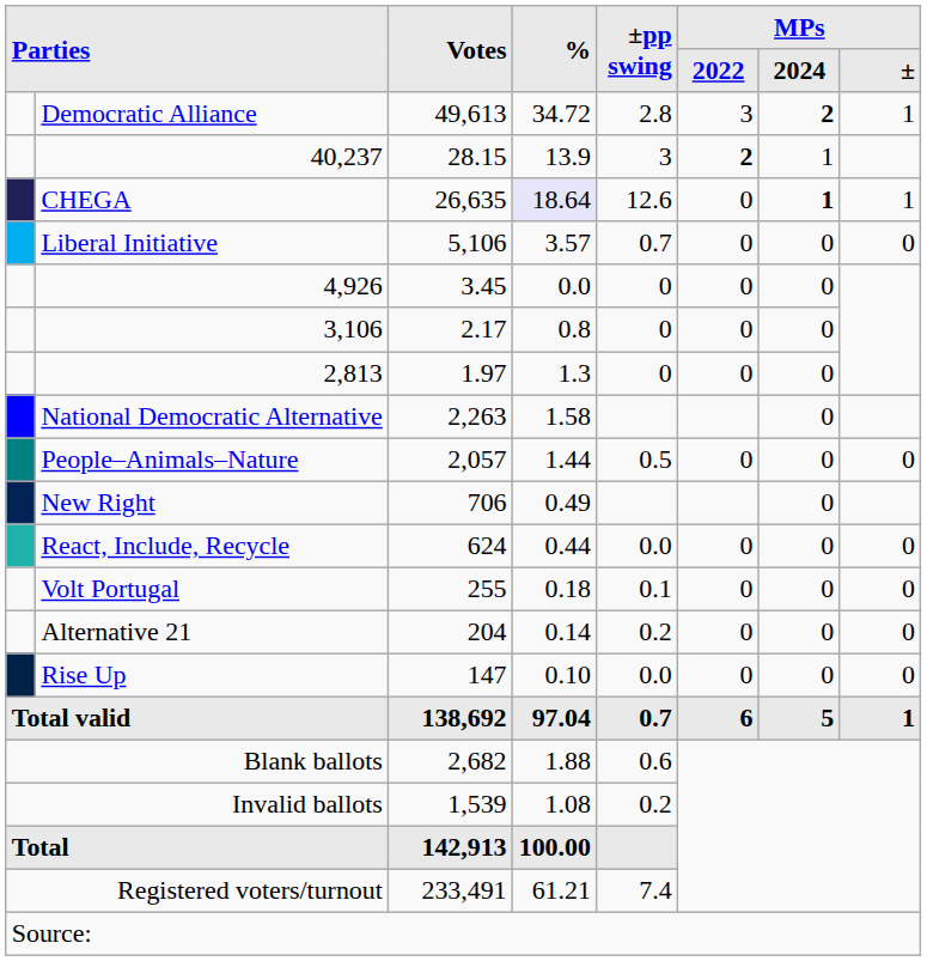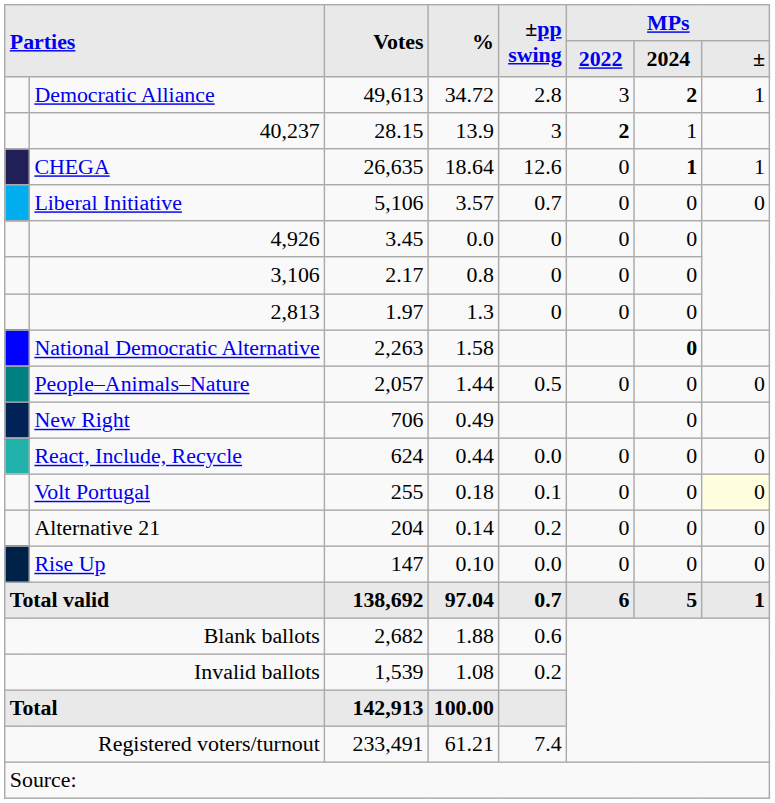 <table class="wikitable" style="text-align:right; font-size:95%;">
 <tr>
 <th rowspan="2" colspan="2" style="background:#e9e9e9; text-align:left;" alignleft><a href='#'>Parties</a></th>
 <th rowspan="2" style="background:#e9e9e9; text-align:right;">Votes</th>
 <th rowspan="2" style="background:#e9e9e9; text-align:right;">%</th>
 <th rowspan="2" style="background:#e9e9e9; text-align:right;">±<a href='#'>pp</a> <a href='#'>swing</a></th>
 <th colspan="3" style="background:#e9e9e9; text-align:center;"><a href='#'>MPs</a></th>
 </tr>
 <tr style="background-color:#E9E9E9">
 <th style="background-color:#E9E9E9;text-align:center;"><a href='#'>2022</a></th>
 <th style="background-color:#E9E9E9;text-align:center;">2024</th>
 <th style="background:#e9e9e9; text-align:right;">±</th>
 </tr>
 <tr>
 <td style="width: 10px"></td>
 <td align="left"><a href='#'>Democratic Alliance</a> </td>
 <td>49,613</td>
 <td>34.72</td>
 <td>2.8</td>
 <td>3</td>
 <td><strong>2</strong></td>
 <td>1</td>
 </tr>
 <tr>
 <td></td>
 <td>40,237</td>
 <td>28.15</td>
 <td>13.9</td>
 <td>3</td>
 <td><strong>2</strong></td>
 <td>1</td>
 </tr>
 <tr>
 <td style="width: 10px" bgcolor="#202056" align="center"></td>
 <td align="left"><a href='#'>CHEGA</a></td>
 <td>26,635</td>
-<td style="background: lavender;">18.64</td>
+<td>18.64</td>
 <td>12.6</td>
 <td>0</td>
 <td><strong>1</strong></td>
 <td>1</td>
 </tr>
 <tr>
 <td style="width: 10px" bgcolor="#00ADEF" align="center"></td>
 <td align="left"><a href='#'>Liberal Initiative</a></td>
 <td>5,106</td>
 <td>3.57</td>
 <td>0.7</td>
 <td>0</td>
 <td>0</td>
 <td>0</td>
 </tr>
 <tr>
 <td></td>
 <td>4,926</td>
 <td>3.45</td>
 <td>0.0</td>
 <td>0</td>
 <td>0</td>
 <td>0</td>
 </tr>
 <tr>
 <td></td>
 <td>3,106</td>
 <td>2.17</td>
 <td>0.8</td>
 <td>0</td>
 <td>0</td>
 <td>0</td>
 </tr>
 <tr>
 <td></td>
 <td>2,813</td>
 <td>1.97</td>
 <td>1.3</td>
 <td>0</td>
 <td>0</td>
 <td>0</td>
 </tr>
 <tr>
 <td style="width: 10px" bgcolor="blue" align="center"></td>
 <td align="left"><a href='#'>National Democratic Alternative</a></td>
 <td>2,263</td>
 <td>1.58</td>
 <td></td>
 <td></td>
-<td>0</td>
+<td><strong>0</strong></td>
 <td></td>
 </tr>
 <tr>
 <td style="width: 10px" bgcolor="teal" align="center"></td>
 <td align="left"><a href='#'>People–Animals–Nature</a></td>
 <td>2,057</td>
 <td>1.44</td>
 <td>0.5</td>
 <td>0</td>
 <td>0</td>
 <td>0</td>
 </tr>
 <tr>
 <td style="width: 10px" bgcolor="#012257" align="center"></td>
 <td align="left"><a href='#'>New Right</a></td>
 <td>706</td>
 <td>0.49</td>
 <td></td>
 <td></td>
 <td>0</td>
 <td></td>
 </tr>
 <tr>
 <td style="width: 10px" bgcolor="LightSeaGreen" align="center"></td>
 <td align="left"><a href='#'>React, Include, Recycle</a></td>
 <td>624</td>
 <td>0.44</td>
 <td>0.0</td>
 <td>0</td>
 <td>0</td>
 <td>0</td>
 </tr>
 <tr>
 <td style="width: 10px"></td>
 <td align="left"><a href='#'>Volt Portugal</a></td>
 <td>255</td>
 <td>0.18</td>
 <td>0.1</td>
 <td>0</td>
 <td>0</td>
-<td>0</td>
+<td style="background: lightyellow;">0</td>
 </tr>
 <tr>
 <td style="width: 10px"></td>
 <td align="left">Alternative 21 </td>
 <td>204</td>
 <td>0.14</td>
 <td>0.2</td>
 <td>0</td>
 <td>0</td>
 <td>0</td>
 </tr>
 <tr>
 <td style="width: 10px" bgcolor="#002147" align="center"></td>
 <td align="left"><a href='#'>Rise Up</a></td>
 <td>147</td>
 <td>0.10</td>
 <td>0.0</td>
 <td>0</td>
 <td>0</td>
 <td>0</td>
 </tr>
 <tr>
 <td colspan=2 align=left style="background-color:#E9E9E9"><strong>Total valid</strong></td>
 <td width="65" align="right" style="background-color:#E9E9E9"><strong>138,692</strong></td>
 <td width="40" align="right" style="background-color:#E9E9E9"><strong>97.04</strong></td>
 <td width="40" align="right" style="background-color:#E9E9E9"><strong>0.7</strong></td>
 <td width="40" align="right" style="background-color:#E9E9E9"><strong>6</strong></td>
 <td width="40" align="right" style="background-color:#E9E9E9"><strong>5</strong></td>
 <td width="40" align="right" style="background-color:#E9E9E9"><strong>1</strong></td>
 </tr>
 <tr>
 <td colspan=2>Blank ballots</td>
 <td>2,682</td>
 <td>1.88</td>
 <td>0.6</td>
 <td colspan="3" rowspan="4"></td>
 </tr>
 <tr>
 <td colspan=2>Invalid ballots</td>
 <td>1,539</td>
 <td>1.08</td>
 <td>0.2</td>
 </tr>
 <tr>
 <td colspan=2 align=left style="background-color:#E9E9E9"><strong>Total</strong></td>
 <td width="50" align="right" style="background-color:#E9E9E9"><strong>142,913</strong></td>
 <td width="40" align="right" style="background-color:#E9E9E9"><strong>100.00</strong></td>
 <td width="40" align="right" style="background-color:#E9E9E9"></td>
 </tr>
 <tr>
 <td colspan=2>Registered voters/turnout</td>
 <td>233,491</td>
 <td>61.21</td>
 <td>7.4</td>
 </tr>
 <tr>
 <td colspan=8 align=left>Source: </td>
 </tr>
 </table>
